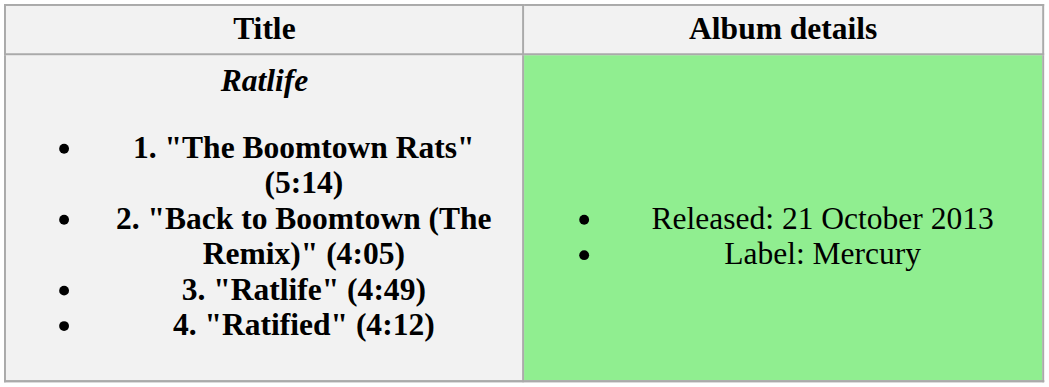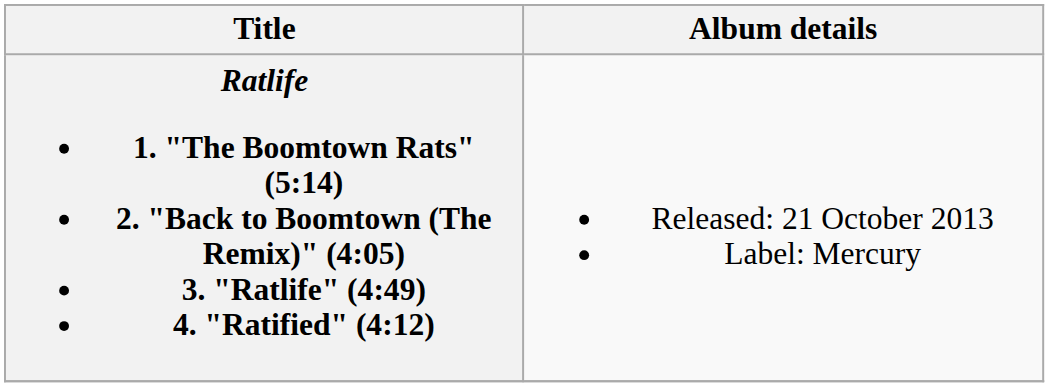 <table class="wikitable plainrowheaders" style="text-align:center;">
 <tr>
 <th scope="col" rowspan="1" style="width:16em;">Title</th>
 <th scope="col" rowspan="1" style="width:16em;">Album details</th>
 </tr>
 <tr>
 <th scope="row"><em>Ratlife</em><br><div><ul><li>1. "The Boomtown Rats" (5:14)</li><li>2. "Back to Boomtown (The Remix)" (4:05)</li><li>3. "Ratlife" (4:49)</li><li>4. "Ratified" (4:12)</li></ul></div></th>
-<td style="background: lightgreen;"><br><ul><li>Released: 21 October 2013 </li><li>Label: Mercury</li></ul></td>
+<td><br><ul><li>Released: 21 October 2013 </li><li>Label: Mercury</li></ul></td>
 </tr>
 <tr>
 </tr>
 </table>
